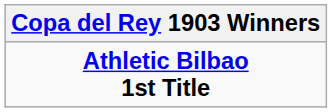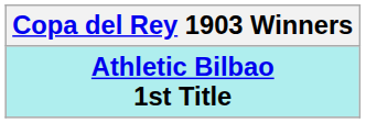 <table class="wikitable" style="text-align: center; margin: 0 auto;">
 <tr>
 <th><a href='#'>Copa del Rey</a> 1903 Winners</th>
 </tr>
 <tr>
-<td><strong><a href='#'>Athletic Bilbao</a></strong><br><strong>1st Title</strong></td>
+<td style="background: paleturquoise;"><strong><a href='#'>Athletic Bilbao</a></strong><br><strong>1st Title</strong></td>
 </tr>
 </table>
